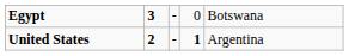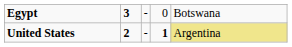 <table class="wikitable">
 <tr>
 <td width=150> <strong>Egypt</strong></td>
 <td style="width:20px; text-align:left;"><strong>3</strong></td>
 <td>-</td>
 <td style="width:20px; text-align:right;">0</td>
 <td width=150> Botswana</td>
 </tr>
 <tr>
 <td> <strong>United States</strong></td>
 <td style="text-align:left;"><strong>2</strong></td>
 <td>-</td>
 <td style="text-align:right;"><strong>1</strong></td>
-<td> Argentina</td>
+<td style="background: khaki;"> Argentina</td>
 </tr>
 </table>
